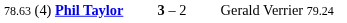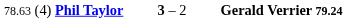 <table style="text-align:center">
 <tr>
 <th width=223></th>
 <th width=100></th>
 <th width=223></th>
 </tr>
 <tr>
 <td align=right><small>78.63</small> (4) <strong><a href='#'>Phil Taylor</a></strong> </td>
 <td><strong>3</strong> – 2</td>
-<td align=left> Gerald Verrier <small>79.24</small></td>
+<td align=left><strong> Gerald Verrier <small>79.24</small></strong></td>
 </tr>
 </table>
